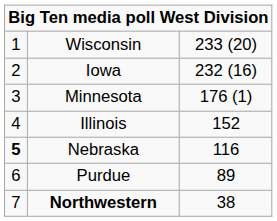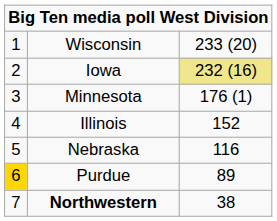 <table class="wikitable" style="display: inline-table;">
 <tr align="center">
 <td align="center" Colspan="3"><strong>Big Ten media poll West Division</strong><br></td>
 </tr>
 <tr align="center">
 <td>1</td>
 <td>Wisconsin</td>
 <td>233 (20)</td>
 </tr>
 <tr align="center">
 <td>2</td>
 <td>Iowa</td>
-<td>232 (16)</td>
+<td style="background: khaki;">232 (16)</td>
 </tr>
 <tr align="center">
 <td>3</td>
 <td>Minnesota</td>
 <td>176 (1)</td>
 </tr>
 <tr align="center">
 <td>4</td>
 <td>Illinois</td>
 <td>152</td>
 </tr>
 <tr align="center">
-<td><strong>5</strong></td>
+<td>5</td>
 <td>Nebraska</td>
 <td>116</td>
 </tr>
 <tr align="center">
-<td>6</td>
+<td style="background: gold;">6</td>
 <td>Purdue</td>
 <td>89</td>
 </tr>
 <tr align="center">
 <td>7</td>
 <td><strong>Northwestern</strong></td>
 <td>38</td>
 </tr>
 </table>
